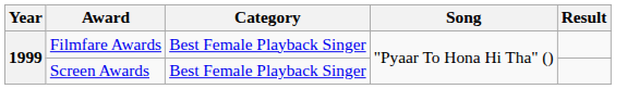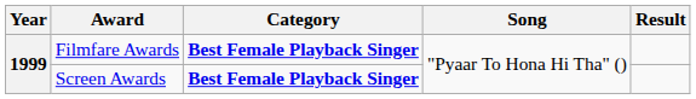 <table class="wikitable">
 <tr>
 <th>Year</th>
 <th>Award</th>
 <th>Category</th>
 <th>Song</th>
 <th>Result</th>
 </tr>
 <tr>
 <th rowspan="2">1999</th>
 <td><a href='#'>Filmfare Awards</a></td>
-<td><a href='#'>Best Female Playback Singer</a></td>
+<td><strong><a href='#'>Best Female Playback Singer</a></strong></td>
 <td rowspan="2">"Pyaar To Hona Hi Tha" ()</td>
 <td></td>
 </tr>
 <tr>
 <td><a href='#'>Screen Awards</a></td>
-<td><a href='#'>Best Female Playback Singer</a></td>
+<td><strong><a href='#'>Best Female Playback Singer</a></strong></td>
 <td></td>
 </tr>
 </table>
